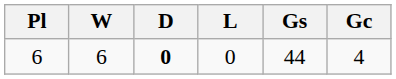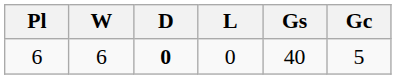 <table class="wikitable" style="text-align:center">
 <tr>
 <th width=40px>Pl</th>
 <th width=40px>W</th>
 <th width=40px>D</th>
 <th width=40px>L</th>
 <th width=40px>Gs</th>
 <th width=40px>Gc</th>
 </tr>
 <tr>
 <td>6</td>
 <td>6</td>
 <td><strong>0</strong></td>
 <td>0</td>
-<td>44</td>
-<td>4</td>
+<td>40</td>
+<td>5</td>
 </tr>
 </table>
